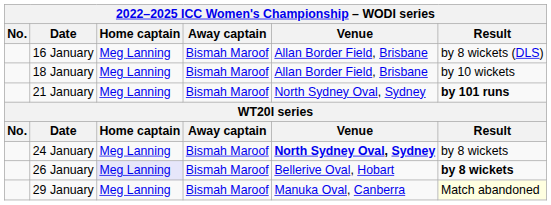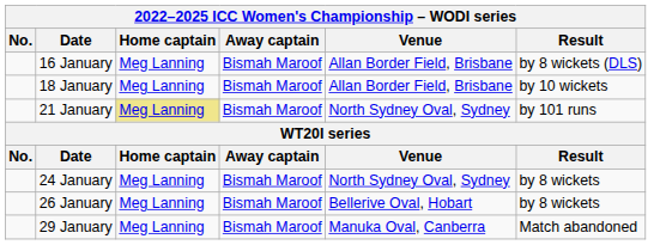 <table class="wikitable">
 <tr>
 <th colspan="9"><a href='#'>2022–2025 ICC Women's Championship</a> – WODI series</th>
 </tr>
 <tr>
 <th>No.</th>
 <th>Date</th>
 <th>Home captain</th>
 <th>Away captain</th>
 <th>Venue</th>
 <th>Result</th>
 </tr>
 <tr>
 <td></td>
 <td>16 January</td>
 <td><a href='#'>Meg Lanning</a></td>
 <td><a href='#'>Bismah Maroof</a></td>
 <td><a href='#'>Allan Border Field</a>, <a href='#'>Brisbane</a></td>
 <td> by 8 wickets (<a href='#'>DLS</a>)</td>
 </tr>
 <tr>
 <td></td>
 <td>18 January</td>
 <td><a href='#'>Meg Lanning</a></td>
 <td><a href='#'>Bismah Maroof</a></td>
 <td><a href='#'>Allan Border Field</a>, <a href='#'>Brisbane</a></td>
 <td> by 10 wickets</td>
 </tr>
 <tr>
 <td></td>
 <td>21 January</td>
-<td><a href='#'>Meg Lanning</a></td>
+<td style="background: khaki;"><a href='#'>Meg Lanning</a></td>
 <td><a href='#'>Bismah Maroof</a></td>
 <td><a href='#'>North Sydney Oval</a>, <a href='#'>Sydney</a></td>
-<td><strong> by 101 runs</strong></td>
+<td> by 101 runs</td>
 </tr>
 <tr>
 <th colspan="9">WT20I series</th>
 </tr>
 <tr>
 <th>No.</th>
 <th>Date</th>
 <th>Home captain</th>
 <th>Away captain</th>
 <th>Venue</th>
 <th>Result</th>
 </tr>
 <tr>
 <td></td>
 <td>24 January</td>
 <td><a href='#'>Meg Lanning</a></td>
 <td><a href='#'>Bismah Maroof</a></td>
-<td><strong><a href='#'>North Sydney Oval</a>, <a href='#'>Sydney</a></strong></td>
+<td><a href='#'>North Sydney Oval</a>, <a href='#'>Sydney</a></td>
 <td> by 8 wickets</td>
 </tr>
 <tr>
 <td></td>
 <td>26 January</td>
-<td style="background: lavender;"><a href='#'>Meg Lanning</a></td>
+<td><a href='#'>Meg Lanning</a></td>
 <td><a href='#'>Bismah Maroof</a></td>
 <td><a href='#'>Bellerive Oval</a>, <a href='#'>Hobart</a></td>
-<td><strong> by 8 wickets</strong></td>
+<td> by 8 wickets</td>
 </tr>
 <tr>
 <td></td>
 <td>29 January</td>
 <td><a href='#'>Meg Lanning</a></td>
 <td><a href='#'>Bismah Maroof</a></td>
 <td><a href='#'>Manuka Oval</a>, <a href='#'>Canberra</a></td>
-<td style="background: lightyellow;">Match abandoned</td>
+<td>Match abandoned</td>
 </tr>
 </table>
